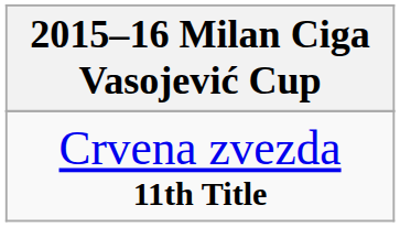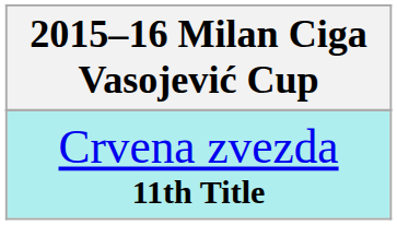 <table class="wikitable" style="margin: 0 auto; width: 30%;">
 <tr>
 <th><big>2015–16 Milan Ciga Vasojević Cup</big><br></th>
 </tr>
 <tr>
 </tr>
 <tr>
-<td align=center><big><big><a href='#'>Crvena zvezda</a><br></big></big><strong>11th Title</strong></td>
+<td align=center style="background: paleturquoise;"><big><big><a href='#'>Crvena zvezda</a><br></big></big><strong>11th Title</strong></td>
 </tr>
 </table>
